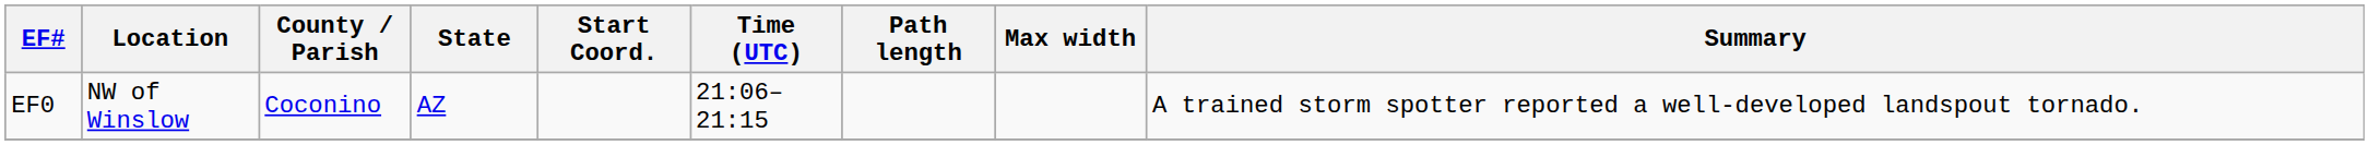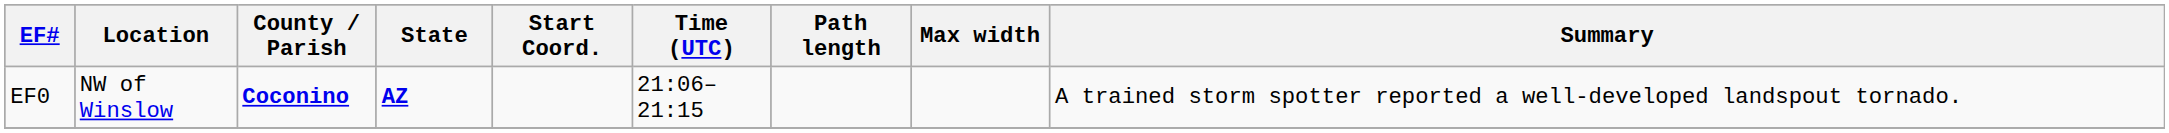 <table class="wikitable sortable" style="width:100%;">
 <tr>
 <th scope="col" style="width:3%; text-align:center;"><a href='#'>EF#</a></th>
 <th scope="col" style="width:7%; text-align:center;" class="unsortable">Location</th>
 <th scope="col" style="width:6%; text-align:center;" class="unsortable">County / Parish</th>
 <th scope="col" style="width:5%; text-align:center;">State</th>
 <th scope="col" style="width:6%; text-align:center;">Start Coord.</th>
 <th scope="col" style="width:6%; text-align:center;">Time (<a href='#'>UTC</a>)</th>
 <th scope="col" style="width:6%; text-align:center;">Path length</th>
 <th scope="col" style="width:6%; text-align:center;">Max width</th>
 <th scope="col" class="unsortable" style="width:48%; text-align:center;">Summary</th>
 </tr>
 <tr>
 <td bgcolor=>EF0</td>
 <td>NW of <a href='#'>Winslow</a></td>
-<td><a href='#'>Coconino</a></td>
-<td><a href='#'>AZ</a></td>
+<td><strong><a href='#'>Coconino</a></strong></td>
+<td><strong><a href='#'>AZ</a></strong></td>
 <td></td>
 <td>21:06–21:15</td>
 <td></td>
 <td></td>
 <td>A trained storm spotter reported a well-developed landspout tornado.</td>
 </tr>
 <tr>
 </tr>
 </table>
